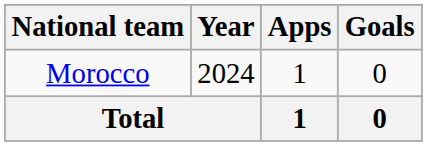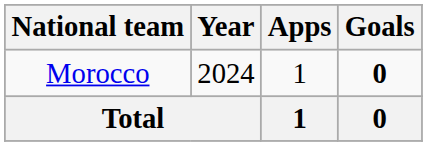 <table class="wikitable" style="text-align:center">
 <tr>
 <th>National team</th>
 <th>Year</th>
 <th>Apps</th>
 <th>Goals</th>
 </tr>
 <tr>
 <td><a href='#'>Morocco</a></td>
 <td>2024</td>
 <td>1</td>
-<td>0</td>
+<td><strong>0</strong></td>
 </tr>
 <tr>
 <th colspan="2">Total</th>
 <th>1</th>
 <th>0</th>
 </tr>
 </table>
